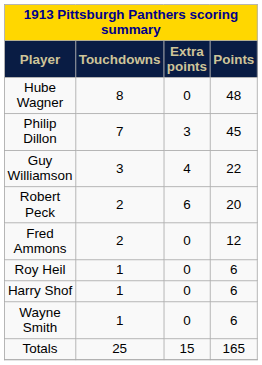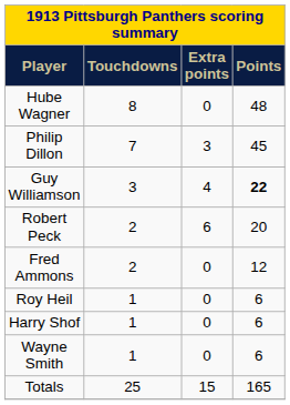 <table class="wikitable" width="35%">
 <tr>
 <th colspan="10" style="background:gold; color:darkblue; text-align: center;"><strong>1913 Pittsburgh Panthers scoring summary</strong></th>
 </tr>
 <tr align="center"  style="background:#091C44;color:#CEC499;">
 <td><strong>Player</strong></td>
 <td><strong>Touchdowns</strong></td>
 <td><strong>Extra points</strong></td>
 <td><strong>Points</strong></td>
 </tr>
 <tr align="center" bgcolor="">
 <td>Hube Wagner</td>
 <td>8</td>
 <td>0</td>
 <td>48</td>
 </tr>
 <tr align="center" bgcolor="">
 <td>Philip Dillon</td>
 <td>7</td>
 <td>3</td>
 <td>45</td>
 </tr>
 <tr align="center" bgcolor="">
 <td>Guy Williamson</td>
 <td>3</td>
 <td>4</td>
-<td>22</td>
+<td><strong>22</strong></td>
 </tr>
 <tr align="center" bgcolor="">
 <td>Robert Peck</td>
 <td>2</td>
 <td>6</td>
 <td>20</td>
 </tr>
 <tr align="center" bgcolor="">
 <td>Fred Ammons</td>
 <td>2</td>
 <td>0</td>
 <td>12</td>
 </tr>
 <tr align="center" bgcolor="">
 <td>Roy Heil</td>
 <td>1</td>
 <td>0</td>
 <td>6</td>
 </tr>
 <tr align="center" bgcolor="">
 <td>Harry Shof</td>
 <td>1</td>
 <td>0</td>
 <td>6</td>
 </tr>
 <tr align="center" bgcolor="">
 <td>Wayne Smith</td>
 <td>1</td>
 <td>0</td>
 <td>6</td>
 </tr>
 <tr align="center" bgcolor="">
 <td>Totals</td>
 <td>25</td>
 <td>15</td>
 <td>165</td>
 </tr>
 <tr align="center" bgcolor="">
 </tr>
 </table>
